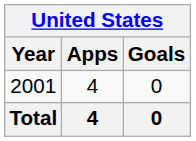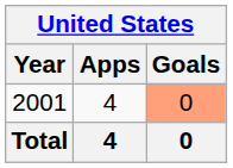 <table class="wikitable" style="text-align:center">
 <tr>
 <th colspan=3><a href='#'>United States</a></th>
 </tr>
 <tr>
 <th>Year</th>
 <th>Apps</th>
 <th>Goals</th>
 </tr>
 <tr>
 <td>2001</td>
 <td>4</td>
-<td>0</td>
+<td style="background: lightsalmon;">0</td>
 </tr>
 <tr>
 <th>Total</th>
 <th>4</th>
 <th>0</th>
 </tr>
 </table>
